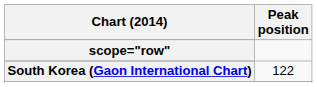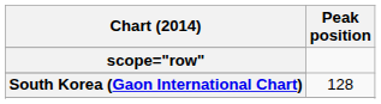 <table class="wikitable sortable plainrowheaders" style="text-align:center">
 <tr>
 <th scope="col">Chart (2014)</th>
 <th scope="col">Peak<br>position</th>
 </tr>
 <tr>
 </tr>
 <tr>
 </tr>
 <tr>
 </tr>
 <tr>
 </tr>
 <tr>
 </tr>
 <tr>
 <th>scope="row" </th>
 </tr>
 <tr>
 </tr>
 <tr>
 <th scope="row">South Korea (<a href='#'>Gaon International Chart</a>)</th>
-<td align="center">122</td>
+<td align="center">128</td>
 </tr>
 <tr>
 </tr>
 <tr>
 </tr>
 <tr>
 </tr>
 <tr>
 </tr>
 <tr>
 </tr>
 <tr>
 </tr>
 <tr>
 </tr>
 </table>
